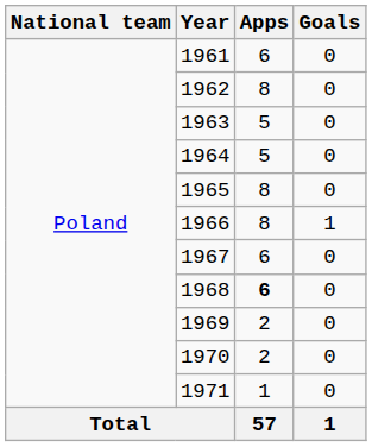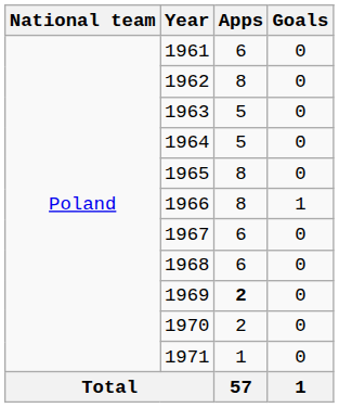 <table class="wikitable" style="text-align:center">
 <tr>
 <th>National team</th>
 <th>Year</th>
 <th>Apps</th>
 <th>Goals</th>
 </tr>
 <tr>
 <td rowspan="11"><a href='#'>Poland</a></td>
 <td>1961</td>
 <td>6</td>
 <td>0</td>
 </tr>
 <tr>
 <td>1962</td>
 <td>8</td>
 <td>0</td>
 </tr>
 <tr>
 <td>1963</td>
 <td>5</td>
 <td>0</td>
 </tr>
 <tr>
 <td>1964</td>
 <td>5</td>
 <td>0</td>
 </tr>
 <tr>
 <td>1965</td>
 <td>8</td>
 <td>0</td>
 </tr>
 <tr>
 <td>1966</td>
 <td>8</td>
 <td>1</td>
 </tr>
 <tr>
 <td>1967</td>
 <td>6</td>
 <td>0</td>
 </tr>
 <tr>
 <td>1968</td>
-<td><strong>6</strong></td>
+<td>6</td>
 <td>0</td>
 </tr>
 <tr>
 <td>1969</td>
-<td>2</td>
+<td><strong>2</strong></td>
 <td>0</td>
 </tr>
 <tr>
 <td>1970</td>
 <td>2</td>
 <td>0</td>
 </tr>
 <tr>
 <td>1971</td>
 <td>1</td>
 <td>0</td>
 </tr>
 <tr>
 <th colspan="2">Total</th>
 <th>57</th>
 <th>1</th>
 </tr>
 </table>
